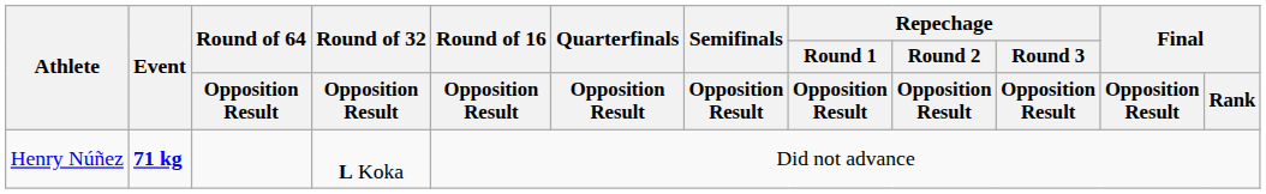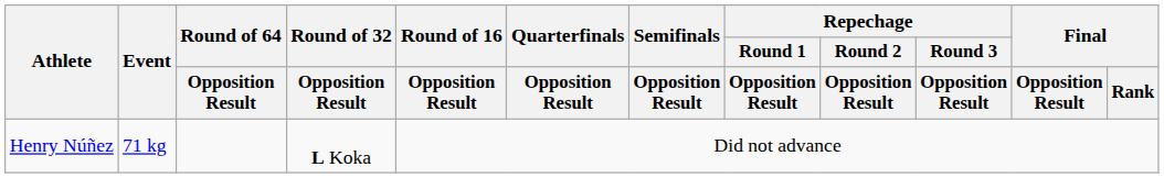 <table class="wikitable" style="font-size:90%">
 <tr>
 <th rowspan="3">Athlete</th>
 <th rowspan="3">Event</th>
 <th rowspan="2">Round of 64</th>
 <th rowspan="2">Round of 32</th>
 <th rowspan="2">Round of 16</th>
 <th rowspan="2">Quarterfinals</th>
 <th rowspan="2">Semifinals</th>
 <th colspan=3>Repechage</th>
 <th rowspan="2" colspan=2>Final</th>
 </tr>
 <tr style="font-size:95%">
 <th>Round 1</th>
 <th>Round 2</th>
 <th>Round 3</th>
 </tr>
 <tr style="font-size:95%">
 <th>Opposition<br>Result</th>
 <th>Opposition<br>Result</th>
 <th>Opposition<br>Result</th>
 <th>Opposition<br>Result</th>
 <th>Opposition<br>Result</th>
 <th>Opposition<br>Result</th>
 <th>Opposition<br>Result</th>
 <th>Opposition<br>Result</th>
 <th>Opposition<br>Result</th>
 <th>Rank</th>
 </tr>
 <tr align=center>
 <td align=left><a href='#'>Henry Núñez</a></td>
-<td align=left><strong><a href='#'>71 kg</a></strong></td>
+<td align=left><a href='#'>71 kg</a></td>
 <td></td>
 <td><br><strong>L</strong> Koka</td>
 <td colspan=8>Did not advance</td>
 </tr>
 </table>
